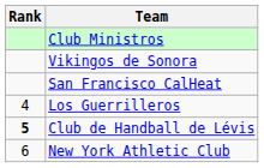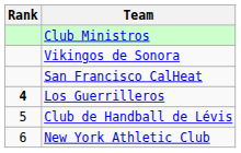 <table class="wikitable">
 <tr>
 <th>Rank</th>
 <th>Team</th>
 </tr>
 <tr bgcolor=ccffcc>
 <td align=center></td>
 <td> <a href='#'>Club Ministros</a></td>
 </tr>
 <tr>
 <td align=center></td>
 <td> <a href='#'>Vikingos de Sonora</a></td>
 </tr>
 <tr>
 <td align=center></td>
 <td> <a href='#'>San Francisco CalHeat</a></td>
 </tr>
 <tr>
-<td align=center>4</td>
+<td align=center><strong>4</strong></td>
 <td> <a href='#'>Los Guerrilleros</a></td>
 </tr>
 <tr>
-<td align=center><strong>5</strong></td>
+<td align=center>5</td>
 <td> <a href='#'>Club de Handball de Lévis</a></td>
 </tr>
 <tr>
 <td align=center>6</td>
 <td> <a href='#'>New York Athletic Club</a></td>
 </tr>
 </table>
